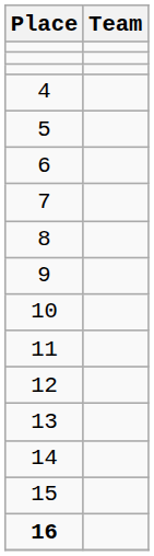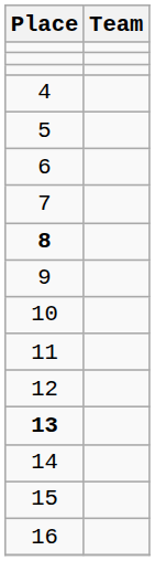 <table class="wikitable">
 <tr>
 <th>Place</th>
 <th>Team</th>
 </tr>
 <tr>
 <td align=center></td>
 <td></td>
 </tr>
 <tr>
 <td align=center></td>
 <td></td>
 </tr>
 <tr>
 <td align=center></td>
 <td></td>
 </tr>
 <tr>
 <td align=center>4</td>
 <td></td>
 </tr>
 <tr>
 <td align=center>5</td>
 <td></td>
 </tr>
 <tr>
 <td align=center>6</td>
 <td></td>
 </tr>
 <tr>
 <td align=center>7</td>
 <td></td>
 </tr>
 <tr>
-<td align=center>8</td>
+<td align=center><strong>8</strong></td>
 <td></td>
 </tr>
 <tr>
 <td align=center>9</td>
 <td></td>
 </tr>
 <tr>
 <td align=center>10</td>
 <td></td>
 </tr>
 <tr>
 <td align=center>11</td>
 <td></td>
 </tr>
 <tr>
 <td align=center>12</td>
 <td></td>
 </tr>
 <tr>
-<td align=center>13</td>
+<td align=center><strong>13</strong></td>
 <td></td>
 </tr>
 <tr>
 <td align=center>14</td>
 <td></td>
 </tr>
 <tr>
 <td align=center>15</td>
 <td></td>
 </tr>
 <tr>
-<td align=center><strong>16</strong></td>
+<td align=center>16</td>
 <td></td>
 </tr>
 <tr>
 </tr>
 </table>
